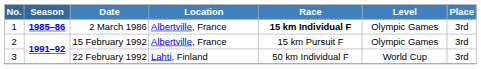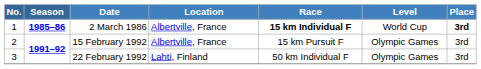 <table class="wikitable sortable" style="font-size:95%; text-align:center; border:grey solid 1px; border-collapse:collapse; background:#ffffff;">
 <tr style="background:#efefef;">
 <th style="background-color:#369; color:white;">No.</th>
 <th style="background-color:#369; color:white;">Season</th>
 <th style="background-color:#4180be; color:white; width:120px;">Date</th>
 <th style="background-color:#4180be; color:white; width:170px;">Location</th>
 <th style="background-color:#4180be; color:white; width:160px;">Race</th>
 <th style="background-color:#4180be; color:white; width:130px;">Level</th>
 <th style="background-color:#4180be; color:white;">Place</th>
 </tr>
 <tr>
 <td align=center>1</td>
 <td rowspan=1 align=center><strong> <a href='#'>1985–86</a> </strong></td>
 <td align=right>2 March 1986</td>
 <td align=left> <a href='#'>Albertville</a>, France</td>
 <td><strong>15 km Individual F</strong></td>
-<td>Olympic Games</td>
-<td>3rd</td>
+<td>World Cup</td>
+<td><strong>3rd</strong></td>
 </tr>
 <tr>
 <td align=center>2</td>
 <td rowspan=2 align=center><strong> <a href='#'>1991–92</a> </strong></td>
 <td align=right>15 February 1992</td>
 <td align=left> <a href='#'>Albertville</a>, France</td>
 <td>15 km Pursuit F</td>
 <td>Olympic Games</td>
 <td>3rd</td>
 </tr>
 <tr>
 <td align=center>3</td>
 <td align=right>22 February 1992</td>
 <td align=left> <a href='#'>Lahti</a>, Finland</td>
 <td>50 km Individual F</td>
-<td>World Cup</td>
+<td>Olympic Games</td>
 <td>3rd</td>
 </tr>
 <tr>
 </tr>
 </table>
